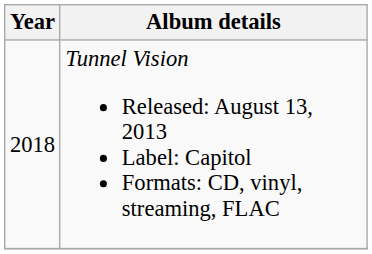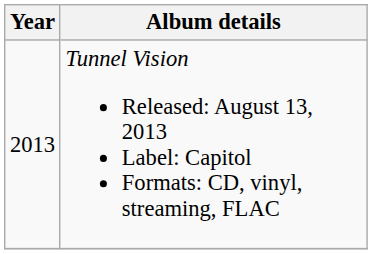 <table class="wikitable" style="text-align:center;">
 <tr>
 <th>Year</th>
 <th width="210">Album details</th>
 </tr>
 <tr>
-<td>2018</td>
+<td>2013</td>
 <td align="left"><em>Tunnel Vision</em><br><ul><li>Released: August 13, 2013</li><li>Label: Capitol</li><li>Formats: CD, vinyl, streaming, FLAC</li></ul></td>
 </tr>
 <tr>
 </tr>
 </table>
